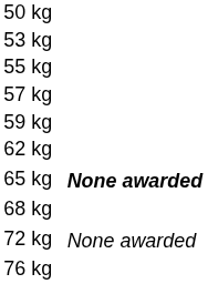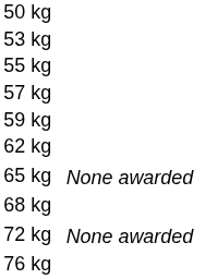 <table>
 <tr>
 <td rowspan=2>50 kg<br></td>
 <td rowspan=2></td>
 <td rowspan=2></td>
 <td></td>
 </tr>
 <tr>
 <td></td>
 </tr>
 <tr>
 <td rowspan=2>53 kg<br></td>
 <td rowspan=2></td>
 <td rowspan=2></td>
 <td></td>
 </tr>
 <tr>
 <td></td>
 </tr>
 <tr>
 <td rowspan=2>55 kg<br></td>
 <td rowspan=2></td>
 <td rowspan=2></td>
 <td></td>
 </tr>
 <tr>
 <td></td>
 </tr>
 <tr>
 <td rowspan=2>57 kg<br></td>
 <td rowspan=2></td>
 <td rowspan=2></td>
 <td></td>
 </tr>
 <tr>
 <td></td>
 </tr>
 <tr>
 <td rowspan=2>59 kg<br></td>
 <td rowspan=2></td>
 <td rowspan=2></td>
 <td></td>
 </tr>
 <tr>
 <td></td>
 </tr>
 <tr>
 <td rowspan=2>62 kg<br></td>
 <td rowspan=2></td>
 <td rowspan=2></td>
 <td></td>
 </tr>
 <tr>
 <td></td>
 </tr>
 <tr>
 <td rowspan=2>65 kg<br></td>
 <td rowspan=2></td>
 <td rowspan=2></td>
 <td></td>
 </tr>
 <tr>
-<td><strong><em>None awarded</em></strong></td>
+<td><em>None awarded</em></td>
 </tr>
 <tr>
 <td rowspan=2>68 kg<br></td>
 <td rowspan=2></td>
 <td rowspan=2></td>
 <td></td>
 </tr>
 <tr>
 <td></td>
 </tr>
 <tr>
 <td rowspan=2>72 kg<br></td>
 <td rowspan=2></td>
 <td rowspan=2></td>
 <td></td>
 </tr>
 <tr>
 <td><em>None awarded</em></td>
 </tr>
 <tr>
 <td rowspan=2>76 kg<br></td>
 <td rowspan=2></td>
 <td rowspan=2></td>
 <td></td>
 </tr>
 <tr>
 <td></td>
 </tr>
 </table>
